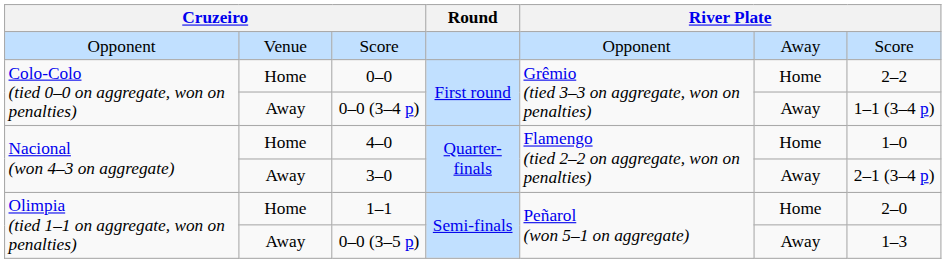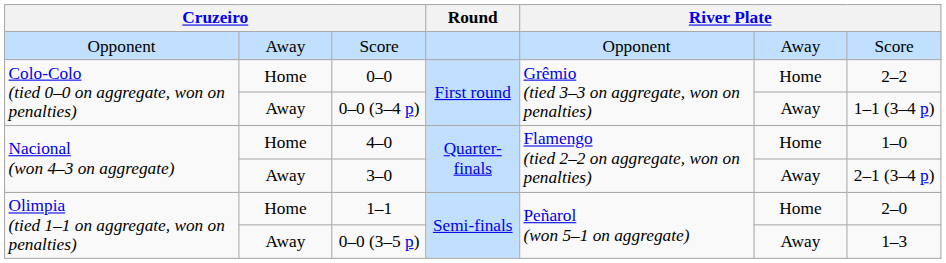 <table class="wikitable" style="text-align: center;">
 <tr>
 <th colspan=3> <a href='#'>Cruzeiro</a></th>
 <th>Round</th>
 <th colspan=3> <a href='#'>River Plate</a></th>
 </tr>
 <tr bgcolor=#c1e0ff>
 <td width=25%>Opponent</td>
-<td width=10%>Venue</td>
+<td>Away</td>
 <td width=10%>Score</td>
 <td width=10%></td>
 <td width=25%>Opponent</td>
 <td>Away</td>
 <td width=10%>Score</td>
 </tr>
 <tr>
 <td rowspan=2 align=left> <a href='#'>Colo-Colo</a><br><em>(tied 0–0 on aggregate, won on penalties)</em></td>
 <td>Home</td>
 <td>0–0</td>
 <td rowspan=2 bgcolor=#c1e0ff><a href='#'>First round</a></td>
 <td rowspan=2 align=left> <a href='#'>Grêmio</a><br><em>(tied 3–3 on aggregate, won on penalties)</em></td>
 <td>Home</td>
 <td>2–2</td>
 </tr>
 <tr>
 <td>Away</td>
 <td>0–0 (3–4 <a href='#'>p</a>)</td>
 <td>Away</td>
 <td>1–1 (3–4 <a href='#'>p</a>)</td>
 </tr>
 <tr>
 <td rowspan=2 align=left> <a href='#'>Nacional</a><br><em>(won 4–3 on aggregate)</em></td>
 <td>Home</td>
 <td>4–0</td>
 <td rowspan=2 bgcolor=#c1e0ff><a href='#'>Quarter-finals</a></td>
 <td rowspan=2 align=left> <a href='#'>Flamengo</a><br><em>(tied 2–2 on aggregate, won on penalties)</em></td>
 <td>Home</td>
 <td>1–0</td>
 </tr>
 <tr>
 <td>Away</td>
 <td>3–0</td>
 <td>Away</td>
 <td>2–1 (3–4 <a href='#'>p</a>)</td>
 </tr>
 <tr>
 <td rowspan=2 align=left> <a href='#'>Olimpia</a><br><em>(tied 1–1 on aggregate, won on penalties)</em></td>
 <td>Home</td>
 <td>1–1</td>
 <td rowspan=2 bgcolor=#c1e0ff><a href='#'>Semi-finals</a></td>
 <td rowspan=2 align=left> <a href='#'>Peñarol</a><br><em>(won 5–1 on aggregate)</em></td>
 <td>Home</td>
 <td>2–0</td>
 </tr>
 <tr>
 <td>Away</td>
 <td>0–0 (3–5 <a href='#'>p</a>)</td>
 <td>Away</td>
 <td>1–3</td>
 </tr>
 </table>
